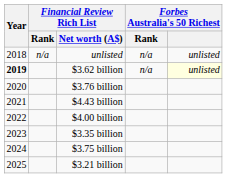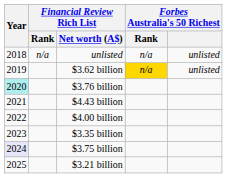 <table class="wikitable">
 <tr>
 <th rowspan=2>Year</th>
 <th colspan=2><em><a href='#'>Financial Review</a></em><br><a href='#'>Rich List</a></th>
 <th colspan=2><em><a href='#'>Forbes</a></em><br><a href='#'>Australia's 50 Richest</a></th>
 </tr>
 <tr>
 <th>Rank</th>
 <th><a href='#'>Net worth</a> (<a href='#'>A$</a>)</th>
 <th>Rank</th>
 <th></th>
 </tr>
 <tr>
 <td>2018</td>
 <td align="center"><em>n/a</em></td>
 <td align="right"><em>unlisted</em></td>
 <td align="center"><em>n/a</em></td>
 <td align="right"><em>unlisted</em></td>
 </tr>
 <tr>
-<td><strong>2019</strong></td>
+<td>2019</td>
 <td align="center"></td>
 <td align="right">$3.62 billion </td>
-<td align="center"><em>n/a</em></td>
-<td align="right" style="background: lightyellow;"><em>unlisted</em></td>
+<td align="center" style="background: gold;"><em>n/a</em></td>
+<td align="right"><em>unlisted</em></td>
 </tr>
 <tr>
-<td>2020</td>
+<td style="background: paleturquoise;">2020</td>
 <td align="center"></td>
 <td align="right">$3.76 billion </td>
 <td align="center"></td>
 <td align="right"></td>
 </tr>
 <tr>
 <td>2021</td>
 <td align="center"></td>
 <td align="right">$4.43 billion </td>
 <td align="center"></td>
 <td align="right"></td>
 </tr>
 <tr>
 <td>2022</td>
 <td align="center"></td>
 <td align="right">$4.00 billion </td>
 <td align="center"></td>
 <td align="right"></td>
 </tr>
 <tr>
 <td>2023</td>
 <td align="center"></td>
 <td align="right">$3.35 billion </td>
 <td align="center"></td>
 <td align="right"></td>
 </tr>
 <tr>
-<td>2024</td>
+<td style="background: lavender;">2024</td>
 <td align="center"></td>
 <td align="right">$3.75 billion </td>
 <td align="center"></td>
 <td align="right"></td>
 </tr>
 <tr>
 <td>2025</td>
 <td align="center"></td>
 <td align="right">$3.21 billion </td>
 <td align="center"></td>
 <td align="right"></td>
 </tr>
 </table>
